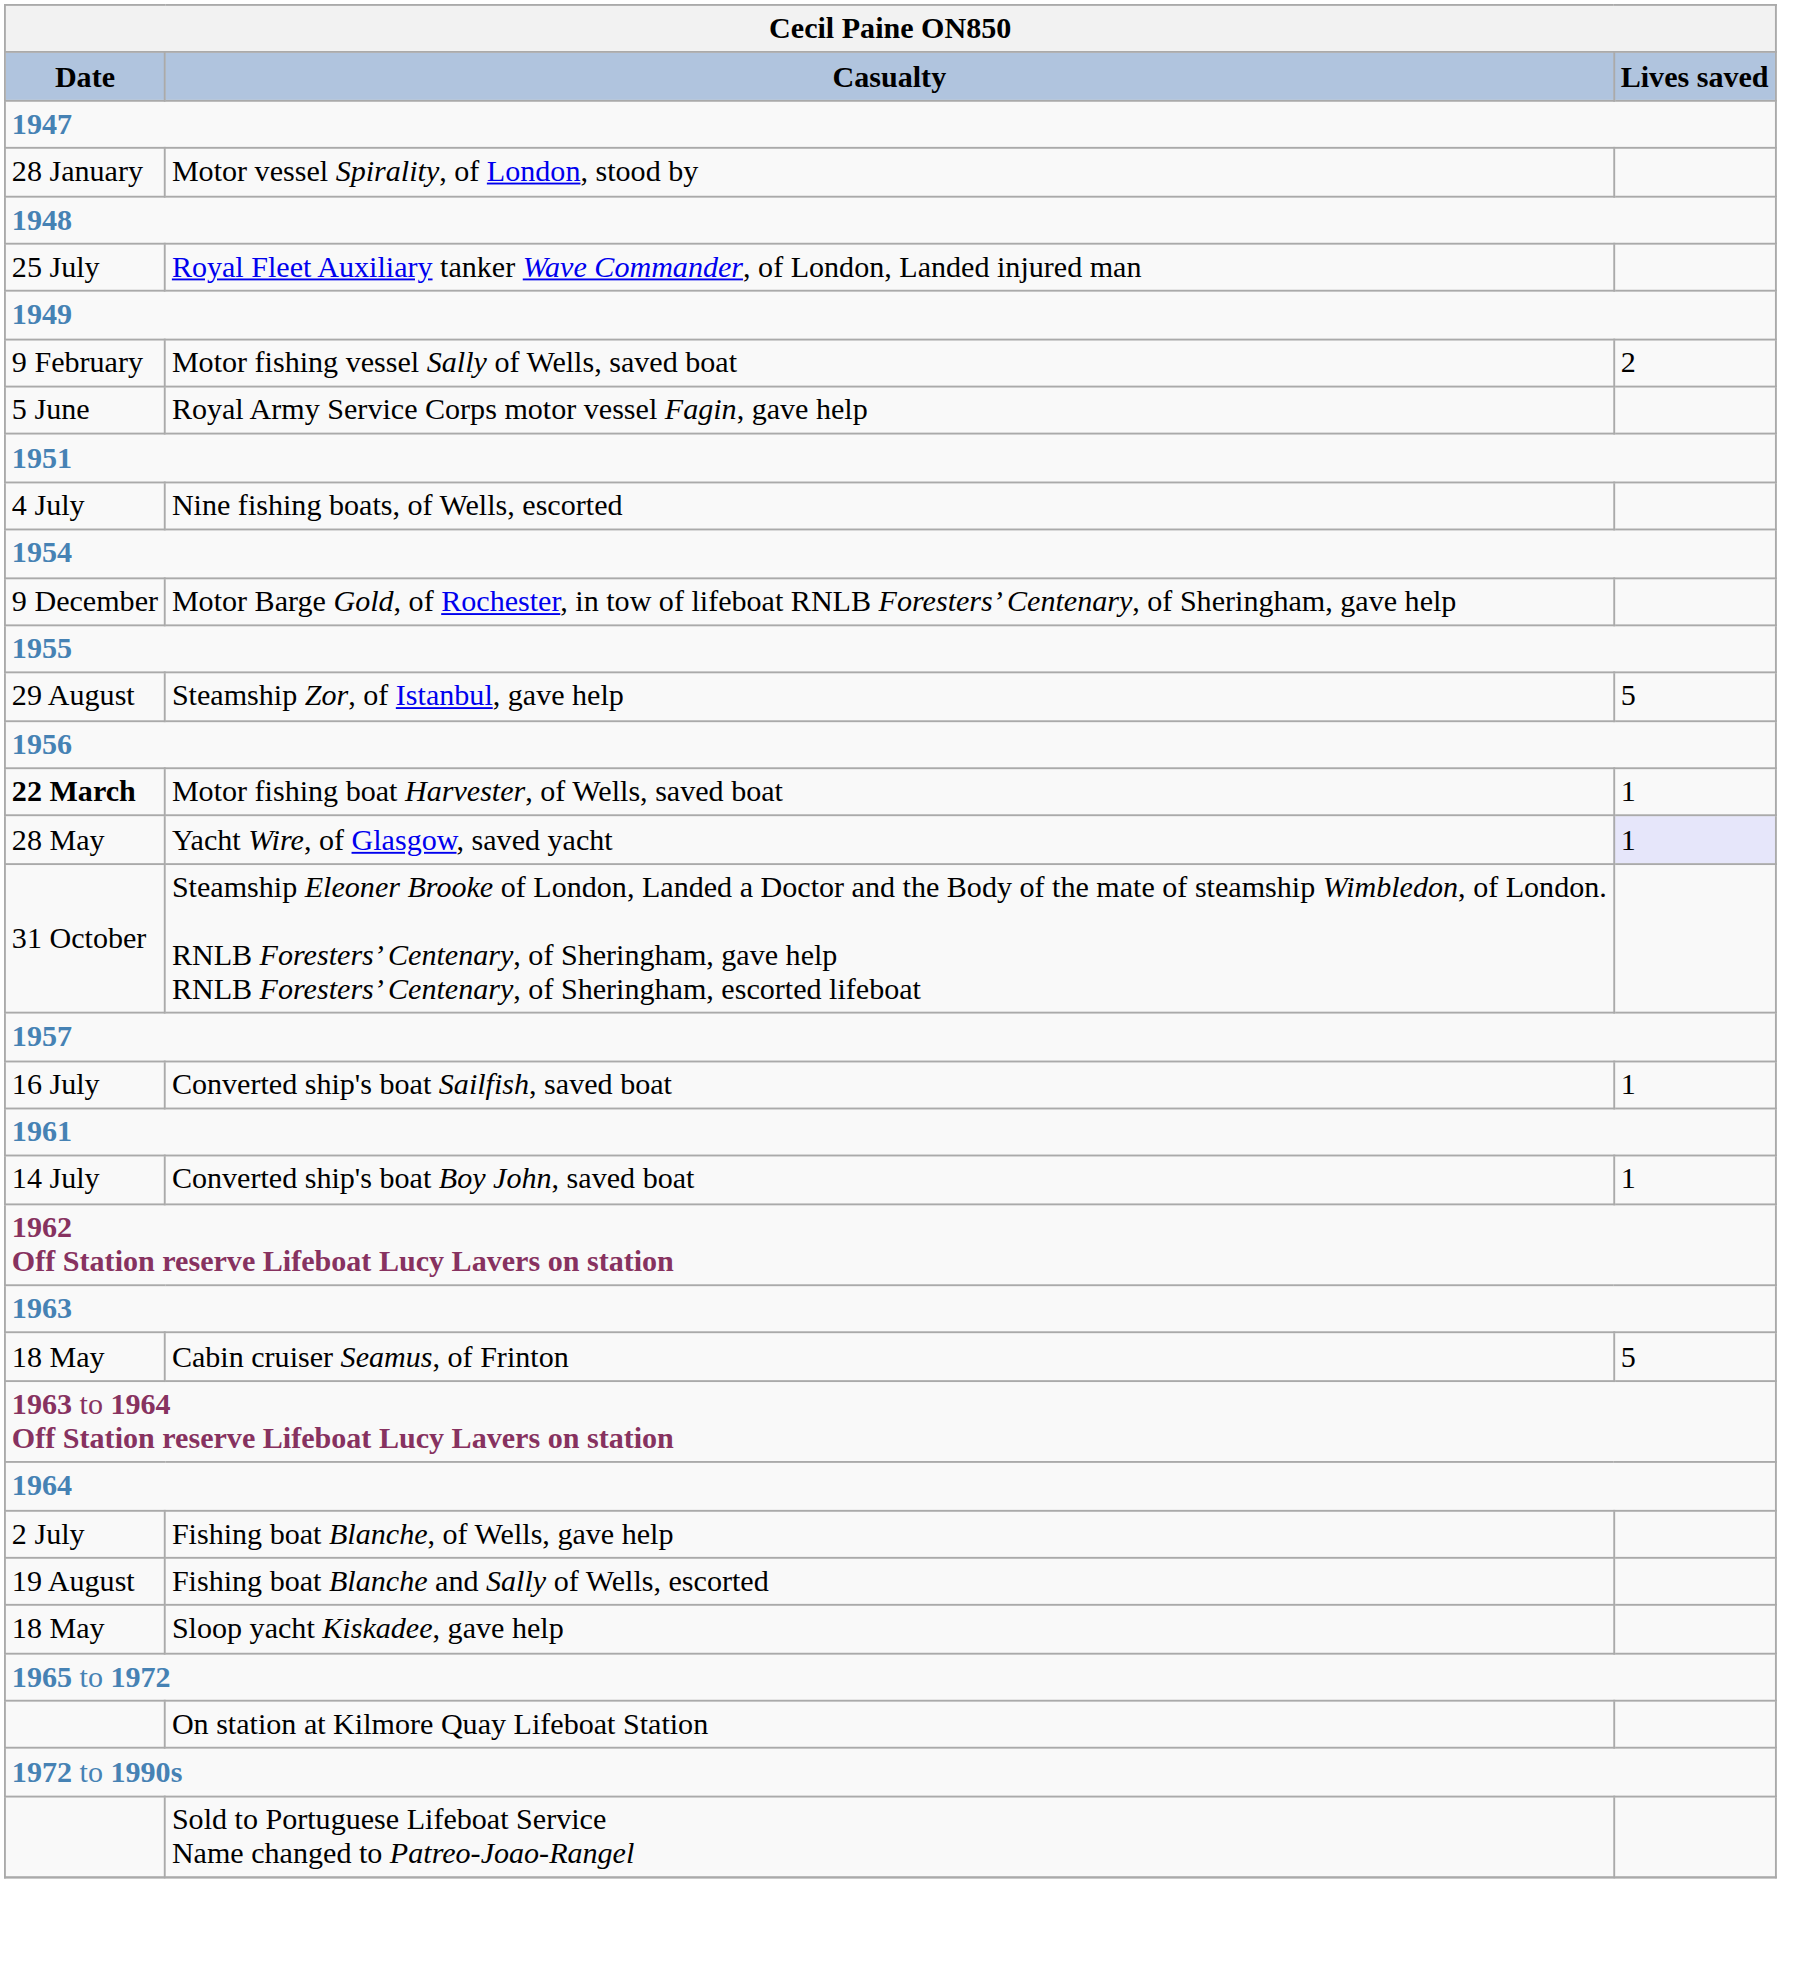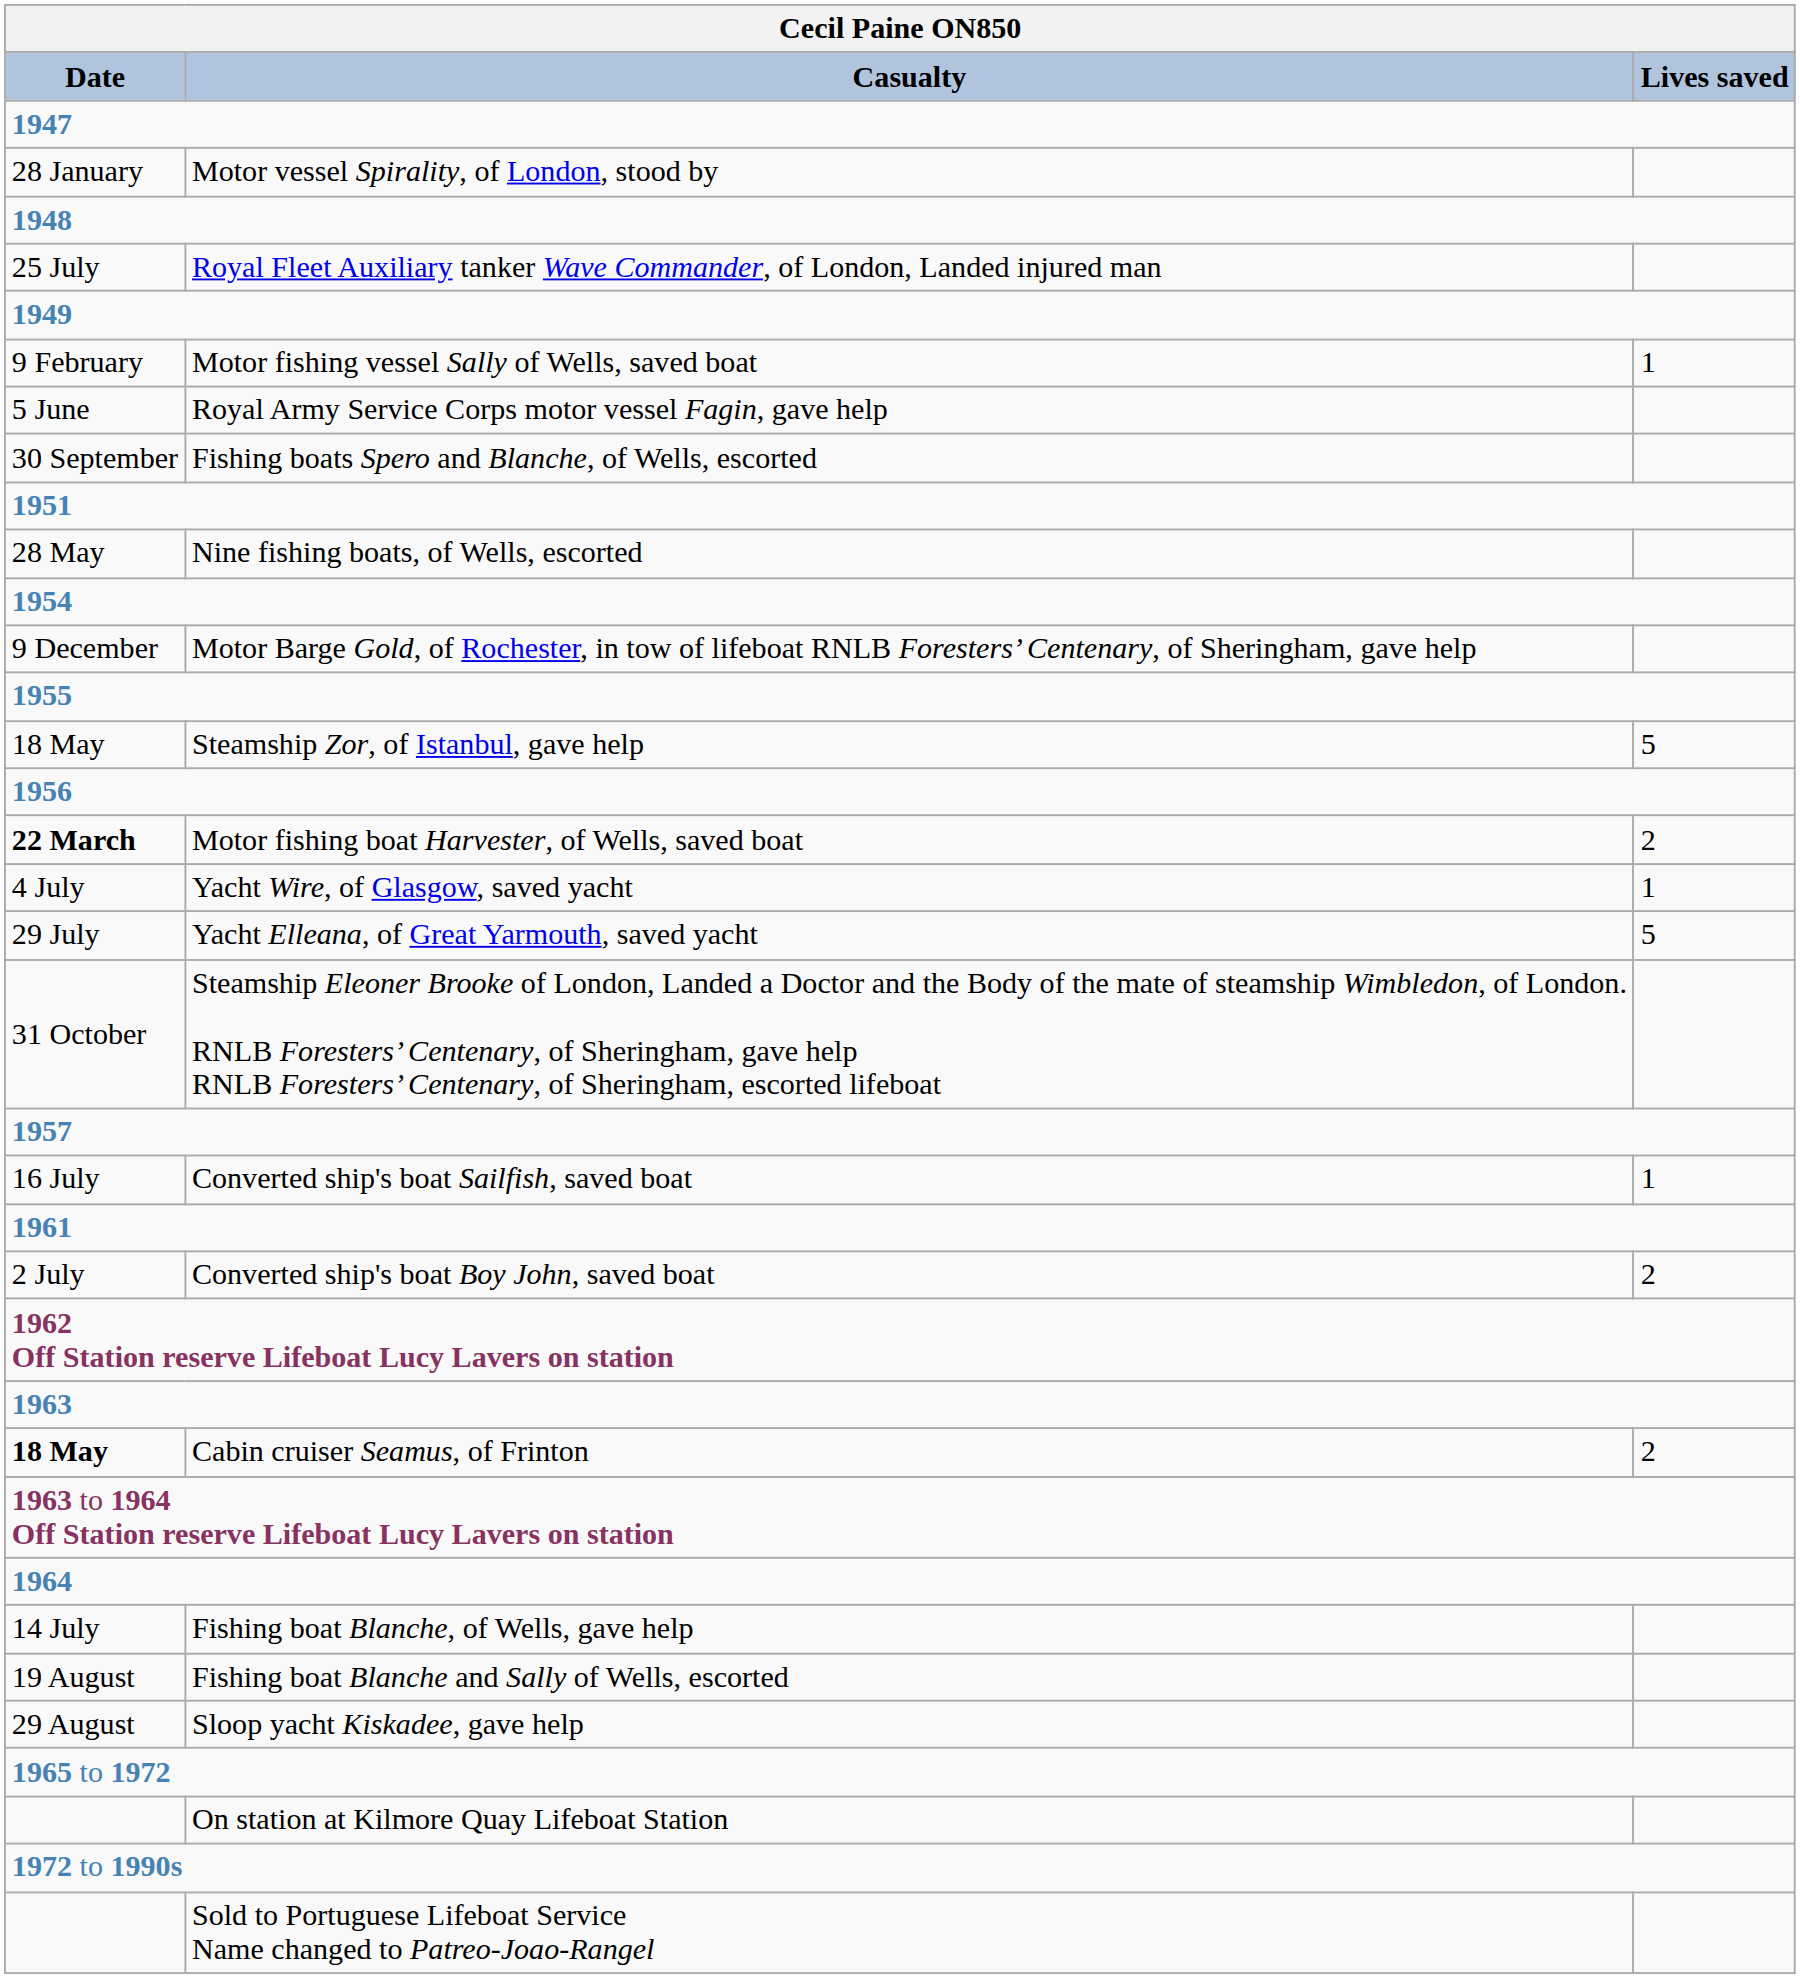 <table class="wikitable">
 <tr>
 <th colspan="3">Cecil Paine ON850<br></th>
 </tr>
 <tr>
 <th style="text-align: center; background: LightSteelBlue">Date</th>
 <th style="text-align: center; background: LightSteelBlue">Casualty</th>
 <th style="text-align: center; background: LightSteelBlue">Lives saved</th>
 </tr>
 <tr>
 <td colspan="3" style="color:steelblue"><strong>1947</strong></td>
 </tr>
 <tr>
 <td>28 January</td>
 <td>Motor vessel <em>Spirality</em>, of <a href='#'>London</a>, stood by</td>
 <td></td>
 </tr>
 <tr>
 <td colspan="3" style="color:steelblue"><strong>1948</strong></td>
 </tr>
 <tr>
 <td>25 July</td>
 <td><a href='#'>Royal Fleet Auxiliary</a> tanker <em><a href='#'>Wave Commander</a></em>, of London, Landed injured man</td>
 <td></td>
 </tr>
 <tr>
 <td colspan="3" style="color:steelblue"><strong>1949</strong></td>
 </tr>
 <tr>
 <td>9 February</td>
 <td>Motor fishing vessel <em>Sally</em> of Wells, saved boat</td>
-<td>2</td>
+<td>1</td>
 </tr>
 <tr>
 <td>5 June</td>
 <td>Royal Army Service Corps motor vessel <em>Fagin</em>, gave help</td>
 <td></td>
 </tr>
 <tr>
+<td>30 September</td>
+<td>Fishing boats <em>Spero</em> and <em>Blanche</em>, of Wells, escorted</td>
+<td></td>
+</tr>
+<tr>
 <td colspan="3" style="color:steelblue"><strong>1951</strong></td>
 </tr>
 <tr>
-<td>4 July</td>
+<td>28 May</td>
 <td>Nine fishing boats, of Wells, escorted</td>
 <td></td>
 </tr>
 <tr>
 <td colspan="3" style="color:steelblue"><strong>1954</strong></td>
 </tr>
 <tr>
 <td>9 December</td>
 <td>Motor Barge <em>Gold</em>, of <a href='#'>Rochester</a>, in tow of lifeboat RNLB <em>Foresters’ Centenary</em>, of Sheringham, gave help</td>
 <td></td>
 </tr>
 <tr>
 <td colspan="3" style="color:steelblue"><strong>1955</strong></td>
 </tr>
 <tr>
-<td>29 August</td>
+<td>18 May</td>
 <td>Steamship <em>Zor</em>, of <a href='#'>Istanbul</a>, gave help</td>
 <td>5</td>
 </tr>
 <tr>
 <td colspan="3" style="color:steelblue"><strong>1956</strong></td>
 </tr>
 <tr>
 <td><strong>22 March</strong></td>
 <td>Motor fishing boat <em>Harvester</em>, of Wells, saved boat</td>
+<td>2</td>
+</tr>
+<tr>
+<td>4 July</td>
+<td>Yacht <em>Wire</em>, of <a href='#'>Glasgow</a>, saved yacht</td>
 <td>1</td>
 </tr>
 <tr>
-<td>28 May</td>
-<td>Yacht <em>Wire</em>, of <a href='#'>Glasgow</a>, saved yacht</td>
-<td style="background: lavender;">1</td>
+<td>29 July</td>
+<td>Yacht <em>Elleana</em>, of <a href='#'>Great Yarmouth</a>, saved yacht</td>
+<td>5</td>
 </tr>
 <tr>
 <td>31 October</td>
 <td>Steamship <em>Eleoner Brooke</em> of London, Landed a Doctor and the Body of the mate of steamship <em>Wimbledon</em>, of London.<br><br>RNLB <em>Foresters’ Centenary</em>, of Sheringham, gave help<br> RNLB <em>Foresters’ Centenary</em>, of Sheringham, escorted lifeboat</td>
 <td></td>
 </tr>
 <tr>
 <td colspan="3" style="color:steelblue"><strong>1957</strong></td>
 </tr>
 <tr>
 <td>16 July</td>
 <td>Converted ship's boat <em>Sailfish</em>, saved boat</td>
 <td>1</td>
 </tr>
 <tr>
 <td colspan="3" style="color:steelblue"><strong>1961</strong></td>
 </tr>
 <tr>
-<td>14 July</td>
+<td>2 July</td>
 <td>Converted ship's boat <em>Boy John</em>, saved boat</td>
-<td>1</td>
+<td>2</td>
 </tr>
 <tr>
 <td colspan="3" style="color:#873260"><strong>1962</strong><br> <strong>Off Station reserve Lifeboat Lucy Lavers on station</strong></td>
 </tr>
 <tr>
 <td colspan="3" style="color:steelblue"><strong>1963</strong></td>
 </tr>
 <tr>
-<td>18 May</td>
+<td><strong>18 May</strong></td>
 <td>Cabin cruiser <em>Seamus</em>, of Frinton</td>
-<td>5</td>
+<td>2</td>
 </tr>
 <tr>
 <td colspan="3" style="color:#873260"><strong>1963</strong> to <strong>1964</strong><br> <strong>Off Station reserve Lifeboat Lucy Lavers on station</strong></td>
 </tr>
 <tr>
 <td colspan="3" style="color:steelblue"><strong>1964</strong></td>
 </tr>
 <tr>
-<td>2 July</td>
+<td>14 July</td>
 <td>Fishing boat <em>Blanche</em>, of Wells, gave help</td>
 <td></td>
 </tr>
 <tr>
 <td>19 August</td>
 <td>Fishing boat <em>Blanche</em> and <em>Sally</em> of Wells, escorted</td>
 <td></td>
 </tr>
 <tr>
-<td>18 May</td>
+<td>29 August</td>
 <td>Sloop yacht <em>Kiskadee</em>, gave help</td>
 <td></td>
 </tr>
 <tr>
 <td colspan="3" style="color:steelblue"><strong>1965</strong> to <strong>1972</strong></td>
 </tr>
 <tr>
 <td></td>
 <td>On station at Kilmore Quay Lifeboat Station</td>
 <td></td>
 </tr>
 <tr>
 <td colspan="3" style="color:steelblue"><strong>1972</strong> to <strong>1990s</strong></td>
 </tr>
 <tr>
 <td></td>
 <td>Sold to Portuguese Lifeboat Service<br>Name changed to <em>Patreo-Joao-Rangel</em></td>
 <td></td>
 </tr>
 <tr>
 </tr>
 </table>
